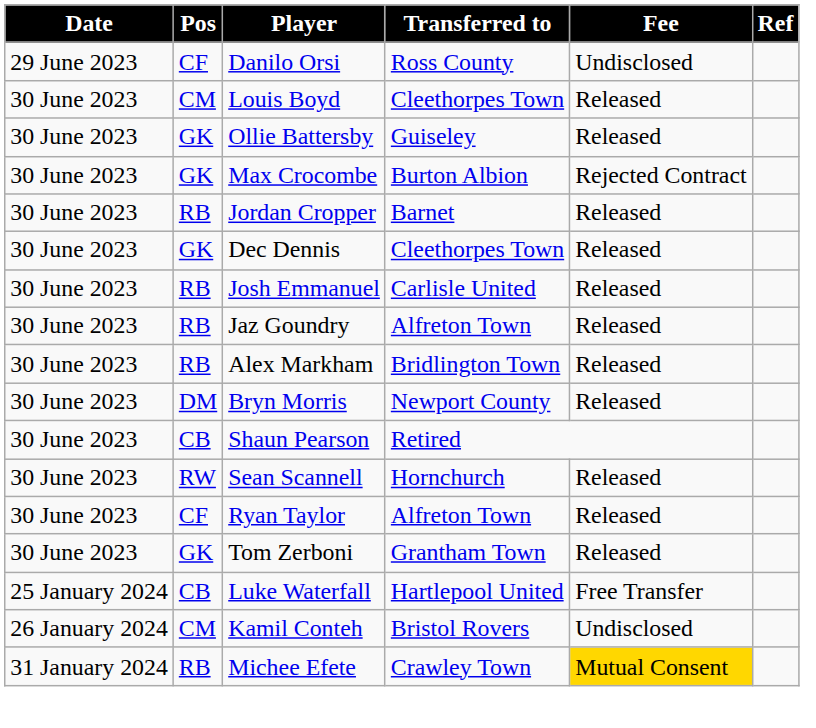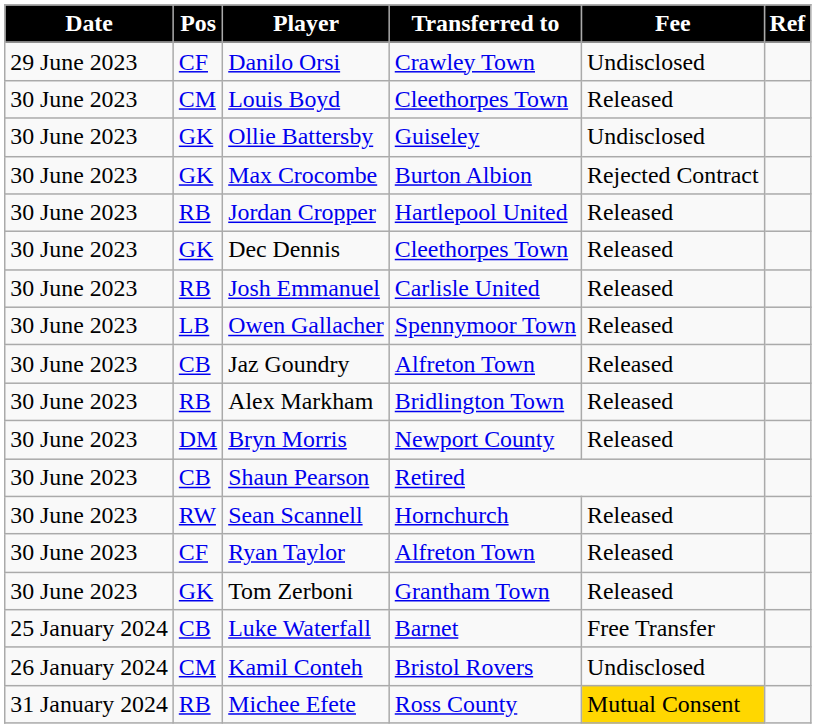 <table class="wikitable plainrowheaders sortable">
 <tr>
 <th style="background:black; color:#FFFFFF;">Date</th>
 <th style="background:black; color:#FFFFFF;">Pos</th>
 <th style="background:black; color:#FFFFFF;">Player</th>
 <th style="background:black; color:#FFFFFF;">Transferred to</th>
 <th style="background:black; color:#FFFFFF;">Fee</th>
 <th style="background:black; color:#FFFFFF;">Ref</th>
 </tr>
 <tr>
 <td>29 June 2023</td>
 <td><a href='#'>CF</a></td>
 <td> <a href='#'>Danilo Orsi</a></td>
-<td> <a href='#'>Ross County</a></td>
+<td> <a href='#'>Crawley Town</a></td>
 <td>Undisclosed</td>
 <td></td>
 </tr>
 <tr>
 <td>30 June 2023</td>
 <td><a href='#'>CM</a></td>
 <td> <a href='#'>Louis Boyd</a></td>
 <td> <a href='#'>Cleethorpes Town</a></td>
 <td>Released</td>
 <td></td>
 </tr>
 <tr>
 <td>30 June 2023</td>
 <td><a href='#'>GK</a></td>
 <td> <a href='#'>Ollie Battersby</a></td>
 <td> <a href='#'>Guiseley</a></td>
-<td>Released</td>
+<td>Undisclosed</td>
 <td></td>
 </tr>
 <tr>
 <td>30 June 2023</td>
 <td><a href='#'>GK</a></td>
 <td> <a href='#'>Max Crocombe</a></td>
 <td> <a href='#'>Burton Albion</a></td>
 <td>Rejected Contract</td>
 <td></td>
 </tr>
 <tr>
 <td>30 June 2023</td>
 <td><a href='#'>RB</a></td>
 <td> <a href='#'>Jordan Cropper</a></td>
-<td> <a href='#'>Barnet</a></td>
+<td> <a href='#'>Hartlepool United</a></td>
 <td>Released</td>
 <td></td>
 </tr>
 <tr>
 <td>30 June 2023</td>
 <td><a href='#'>GK</a></td>
 <td> Dec Dennis</td>
 <td> <a href='#'>Cleethorpes Town</a></td>
 <td>Released</td>
 <td></td>
 </tr>
 <tr>
 <td>30 June 2023</td>
 <td><a href='#'>RB</a></td>
 <td> <a href='#'>Josh Emmanuel</a></td>
 <td> <a href='#'>Carlisle United</a></td>
 <td>Released</td>
 <td></td>
 </tr>
 <tr>
 <td>30 June 2023</td>
-<td><a href='#'>RB</a></td>
+<td><a href='#'>LB</a></td>
+<td> <a href='#'>Owen Gallacher</a></td>
+<td> <a href='#'>Spennymoor Town</a></td>
+<td>Released</td>
+<td></td>
+</tr>
+<tr>
+<td>30 June 2023</td>
+<td><a href='#'>CB</a></td>
 <td> Jaz Goundry</td>
 <td> <a href='#'>Alfreton Town</a></td>
 <td>Released</td>
 <td></td>
 </tr>
 <tr>
 <td>30 June 2023</td>
 <td><a href='#'>RB</a></td>
 <td> Alex Markham</td>
 <td> <a href='#'>Bridlington Town</a></td>
 <td>Released</td>
 <td></td>
 </tr>
 <tr>
 <td>30 June 2023</td>
 <td><a href='#'>DM</a></td>
 <td> <a href='#'>Bryn Morris</a></td>
 <td> <a href='#'>Newport County</a></td>
 <td>Released</td>
 <td></td>
 </tr>
 <tr>
 <td>30 June 2023</td>
 <td><a href='#'>CB</a></td>
 <td> <a href='#'>Shaun Pearson</a></td>
 <td colspan="2"><a href='#'>Retired</a></td>
 <td></td>
 </tr>
 <tr>
 <td>30 June 2023</td>
 <td><a href='#'>RW</a></td>
 <td> <a href='#'>Sean Scannell</a></td>
 <td> <a href='#'>Hornchurch</a></td>
 <td>Released</td>
 <td></td>
 </tr>
 <tr>
 <td>30 June 2023</td>
 <td><a href='#'>CF</a></td>
 <td> <a href='#'>Ryan Taylor</a></td>
 <td> <a href='#'>Alfreton Town</a></td>
 <td>Released</td>
 <td></td>
 </tr>
 <tr>
 <td>30 June 2023</td>
 <td><a href='#'>GK</a></td>
 <td> Tom Zerboni</td>
 <td> <a href='#'>Grantham Town</a></td>
 <td>Released</td>
 <td></td>
 </tr>
 <tr>
 <td>25 January 2024</td>
 <td><a href='#'>CB</a></td>
 <td> <a href='#'>Luke Waterfall</a></td>
-<td> <a href='#'>Hartlepool United</a></td>
+<td> <a href='#'>Barnet</a></td>
 <td>Free Transfer</td>
 <td></td>
 </tr>
 <tr>
 <td>26 January 2024</td>
 <td><a href='#'>CM</a></td>
 <td> <a href='#'>Kamil Conteh</a></td>
 <td> <a href='#'>Bristol Rovers</a></td>
 <td>Undisclosed</td>
 <td></td>
 </tr>
 <tr>
 <td>31 January 2024</td>
 <td><a href='#'>RB</a></td>
 <td> <a href='#'>Michee Efete</a></td>
-<td> <a href='#'>Crawley Town</a></td>
+<td> <a href='#'>Ross County</a></td>
 <td style="background: gold;">Mutual Consent</td>
 <td></td>
 </tr>
 </table>
